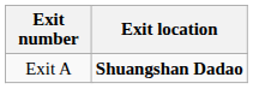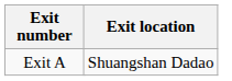 <table class="wikitable">
 <tr>
 <th style="width:70px" colspan="2">Exit number</th>
 <th>Exit location</th>
 </tr>
 <tr>
 <td align="center" colspan="2">Exit A</td>
-<td><strong>Shuangshan Dadao</strong></td>
+<td>Shuangshan Dadao</td>
 </tr>
 </table>
